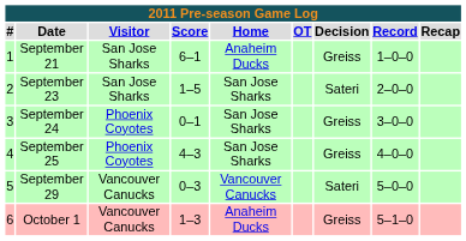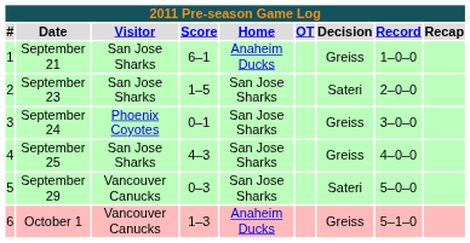 <table class="toccolours collapsible collapsed" width=90% style="clear:both; margin:1.5em auto; text-align:center">
 <tr>
 <th colspan=11 style="background:#14535D; color:#EF8F1F;">2011 Pre-season Game Log</th>
 </tr>
 <tr align="center" bgcolor="#dddddd">
 <td><strong>#</strong></td>
 <td><strong>Date</strong></td>
 <td><strong><a href='#'>Visitor</a></strong></td>
 <td><strong><a href='#'>Score</a></strong></td>
 <td><strong><a href='#'>Home</a></strong></td>
 <td><strong><a href='#'>OT</a></strong></td>
 <td><strong>Decision</strong></td>
 <td><strong><a href='#'>Record</a></strong></td>
 <td><strong>Recap</strong></td>
 </tr>
 <tr style="text-align=:center; background:#bfb;">
 <td>1</td>
 <td>September 21</td>
 <td>San Jose Sharks</td>
 <td>6–1</td>
 <td><a href='#'>Anaheim Ducks</a></td>
 <td></td>
 <td>Greiss</td>
 <td>1–0–0</td>
 <td></td>
 </tr>
 <tr style="text-align=:center; background:#bfb;">
 <td>2</td>
 <td>September 23</td>
 <td>San Jose Sharks</td>
 <td>1–5</td>
 <td>San Jose Sharks</td>
 <td></td>
 <td>Sateri</td>
 <td>2–0–0</td>
 <td></td>
 </tr>
 <tr style="text-align=:center; background:#bfb;">
 <td>3</td>
 <td>September 24</td>
 <td><a href='#'>Phoenix Coyotes</a></td>
 <td>0–1</td>
 <td>San Jose Sharks</td>
 <td></td>
 <td>Greiss</td>
 <td>3–0–0</td>
 <td></td>
 </tr>
 <tr style="text-align=:center; background:#bfb;">
 <td>4</td>
 <td>September 25</td>
-<td><a href='#'>Phoenix Coyotes</a></td>
+<td>San Jose Sharks</td>
 <td>4–3</td>
 <td>San Jose Sharks</td>
 <td></td>
 <td>Greiss</td>
 <td>4–0–0</td>
 <td></td>
 </tr>
 <tr style="text-align=:center; background:#bfb;">
 <td>5</td>
 <td>September 29</td>
 <td>Vancouver Canucks</td>
 <td>0–3</td>
-<td><a href='#'>Vancouver Canucks</a></td>
+<td>San Jose Sharks</td>
 <td></td>
 <td>Sateri</td>
 <td>5–0–0</td>
 <td></td>
 </tr>
 <tr style="text-align=:center; background:#fbb;">
 <td>6</td>
 <td>October 1</td>
 <td>Vancouver Canucks</td>
 <td>1–3</td>
 <td><a href='#'>Anaheim Ducks</a></td>
 <td></td>
 <td>Greiss</td>
 <td>5–1–0</td>
 <td></td>
 </tr>
 </table>
